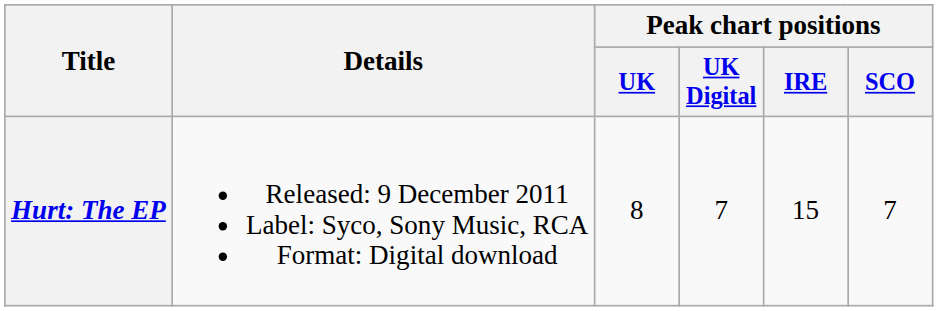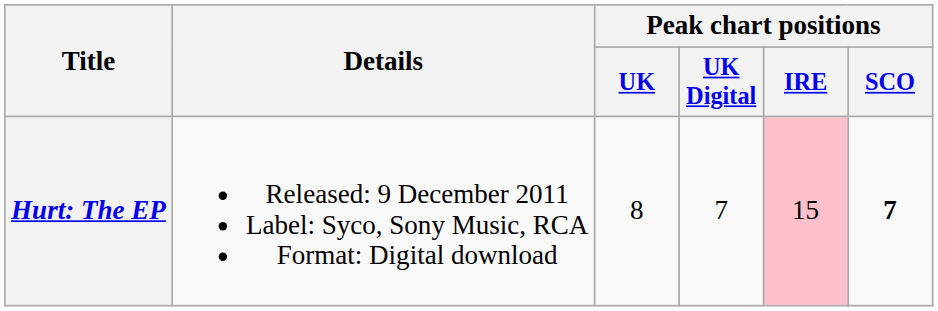 <table class="wikitable plainrowheaders" style="text-align:center;" border="1">
 <tr>
 <th scope="col" rowspan="2">Title</th>
 <th scope="col" rowspan="2">Details</th>
 <th scope="col" colspan="4">Peak chart positions</th>
 </tr>
 <tr>
 <th scope="col" style="width:3em;font-size:90%;"><a href='#'>UK</a><br></th>
 <th scope="col" style="width:3em;font-size:90%;"><a href='#'>UK Digital</a><br></th>
 <th scope="col" style="width:3em;font-size:90%;"><a href='#'>IRE</a><br></th>
 <th scope="col" style="width:3em;font-size:90%;"><a href='#'>SCO</a><br></th>
 </tr>
 <tr>
 <th scope="row"><em><a href='#'>Hurt: The EP</a></em></th>
 <td><br><ul><li>Released: 9 December 2011</li><li>Label: Syco, Sony Music, RCA</li><li>Format: Digital download</li></ul></td>
 <td>8</td>
 <td>7</td>
-<td>15</td>
-<td>7</td>
+<td style="background: pink;">15</td>
+<td><strong>7</strong></td>
 </tr>
 </table>
